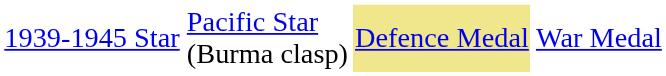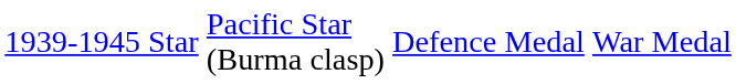 <table>
 <tr>
 <td></td>
 <td></td>
 <td></td>
 <td></td>
 </tr>
 <tr>
 <td></td>
 <td></td>
 <td></td>
 <td></td>
 </tr>
 <tr>
 <td><a href='#'>1939-1945 Star</a></td>
 <td><a href='#'>Pacific Star</a><br>(Burma clasp)</td>
-<td style="background: khaki;"><a href='#'>Defence Medal</a></td>
+<td><a href='#'>Defence Medal</a></td>
 <td><a href='#'>War Medal</a></td>
 </tr>
 </table>
